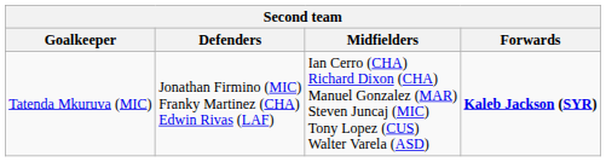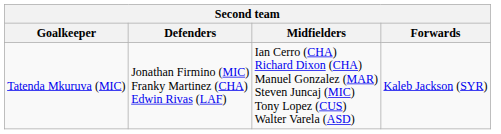 <table class="wikitable">
 <tr>
 <th colspan="4">Second team</th>
 </tr>
 <tr>
 <th>Goalkeeper</th>
 <th>Defenders</th>
 <th>Midfielders</th>
 <th>Forwards</th>
 </tr>
 <tr>
 <td> <a href='#'>Tatenda Mkuruva</a> (<a href='#'>MIC</a>)</td>
 <td> Jonathan Firmino (<a href='#'>MIC</a>)<br> Franky Martinez (<a href='#'>CHA</a>)<br> <a href='#'>Edwin Rivas</a> (<a href='#'>LAF</a>)</td>
 <td> Ian Cerro (<a href='#'>CHA</a>)<br> <a href='#'>Richard Dixon</a> (<a href='#'>CHA</a>)<br> Manuel Gonzalez (<a href='#'>MAR</a>)<br> Steven Juncaj (<a href='#'>MIC</a>)<br> Tony Lopez (<a href='#'>CUS</a>)<br> Walter Varela (<a href='#'>ASD</a>)</td>
-<td><strong> <a href='#'>Kaleb Jackson</a> (<a href='#'>SYR</a>)</strong></td>
+<td> <a href='#'>Kaleb Jackson</a> (<a href='#'>SYR</a>)</td>
 </tr>
 </table>
